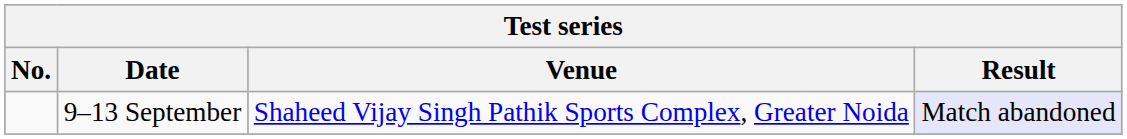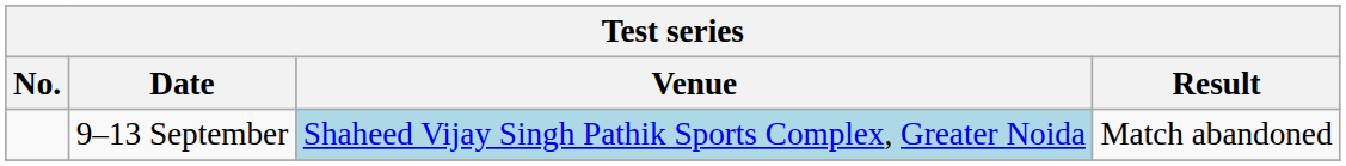 <table class="wikitable">
 <tr>
 <th colspan="8">Test series</th>
 </tr>
 <tr>
 <th>No.</th>
 <th>Date</th>
 <th>Venue</th>
 <th>Result</th>
 </tr>
 <tr>
 <td></td>
 <td>9–13 September</td>
-<td><a href='#'>Shaheed Vijay Singh Pathik Sports Complex</a>, <a href='#'>Greater Noida</a></td>
-<td style="background: lavender;">Match abandoned</td>
+<td style="background: lightblue;"><a href='#'>Shaheed Vijay Singh Pathik Sports Complex</a>, <a href='#'>Greater Noida</a></td>
+<td>Match abandoned</td>
 </tr>
 </table>
